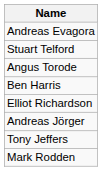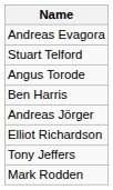 <table class="wikitable">
 <tr>
 <th>Name</th>
 </tr>
 <tr>
 <td> Andreas Evagora</td>
 </tr>
 <tr>
 <td> Stuart Telford</td>
 </tr>
 <tr>
 <td> Angus Torode</td>
 </tr>
 <tr>
 <td> Ben Harris</td>
 </tr>
 <tr>
-<td> Elliot Richardson</td>
+<td> Andreas Jörger</td>
 </tr>
 <tr>
-<td> Andreas Jörger</td>
+<td> Elliot Richardson</td>
 </tr>
 <tr>
 <td> Tony Jeffers</td>
 </tr>
 <tr>
 <td> Mark Rodden</td>
 </tr>
 </table>
